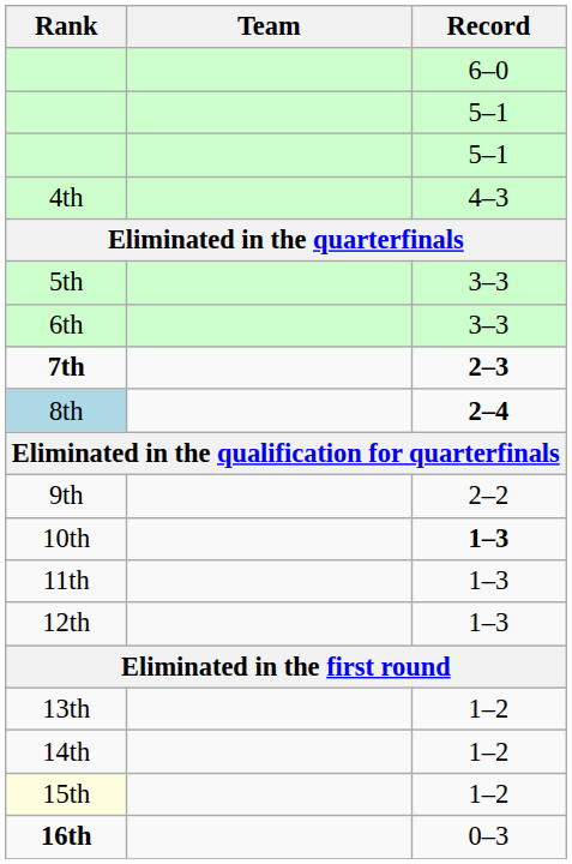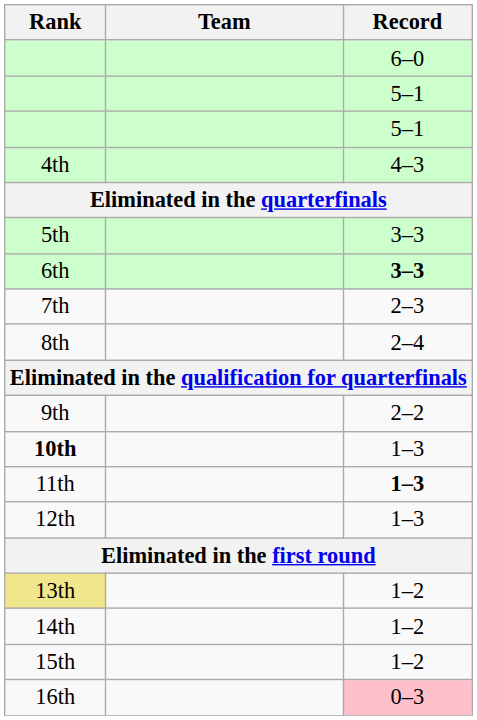 <table class=wikitable style="text-align:center;">
 <tr>
 <th>Rank</th>
 <th width=162>Team</th>
 <th>Record</th>
 </tr>
 <tr bgcolor=#ccffcc>
 <td></td>
 <td align=left></td>
 <td>6–0</td>
 </tr>
 <tr bgcolor=#ccffcc>
 <td></td>
 <td align=left></td>
 <td>5–1</td>
 </tr>
 <tr bgcolor=#ccffcc>
 <td></td>
 <td align=left></td>
 <td>5–1</td>
 </tr>
 <tr bgcolor=#ccffcc>
 <td>4th</td>
 <td align=left></td>
 <td>4–3</td>
 </tr>
 <tr>
 <th colspan="3">Eliminated in the <a href='#'>quarterfinals</a></th>
 </tr>
 <tr bgcolor=#ccffcc>
 <td>5th</td>
 <td align=left></td>
 <td>3–3</td>
 </tr>
 <tr bgcolor=#ccffcc>
 <td>6th</td>
 <td align=left></td>
-<td>3–3</td>
+<td><strong>3–3</strong></td>
 </tr>
 <tr>
-<td><strong>7th</strong></td>
+<td>7th</td>
 <td align=left></td>
-<td><strong>2–3</strong></td>
+<td>2–3</td>
 </tr>
 <tr>
-<td style="background: lightblue;">8th</td>
+<td>8th</td>
 <td align=left></td>
-<td><strong>2–4</strong></td>
+<td>2–4</td>
 </tr>
 <tr>
 <th colspan="3">Eliminated in the <a href='#'>qualification for quarterfinals</a></th>
 </tr>
 <tr>
 <td>9th</td>
 <td align=left></td>
 <td>2–2</td>
 </tr>
 <tr>
-<td>10th</td>
+<td><strong>10th</strong></td>
 <td align=left></td>
-<td><strong>1–3</strong></td>
+<td>1–3</td>
 </tr>
 <tr>
 <td>11th</td>
 <td align=left></td>
-<td>1–3</td>
+<td><strong>1–3</strong></td>
 </tr>
 <tr>
 <td>12th</td>
 <td align=left></td>
 <td>1–3</td>
 </tr>
 <tr>
 <th colspan="3">Eliminated in the <a href='#'>first round</a></th>
 </tr>
 <tr>
-<td>13th</td>
+<td style="background: khaki;">13th</td>
 <td align=left></td>
 <td>1–2</td>
 </tr>
 <tr>
 <td>14th</td>
 <td align=left></td>
 <td>1–2</td>
 </tr>
 <tr>
-<td style="background: lightyellow;">15th</td>
+<td>15th</td>
 <td align=left></td>
 <td>1–2</td>
 </tr>
 <tr>
-<td><strong>16th</strong></td>
+<td>16th</td>
 <td align=left></td>
-<td>0–3</td>
+<td style="background: pink;">0–3</td>
 </tr>
 </table>
